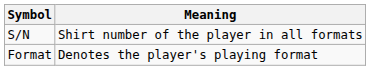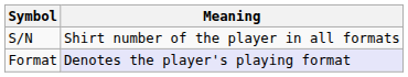 <table class="wikitable">
 <tr>
 <th>Symbol</th>
 <th>Meaning</th>
 </tr>
 <tr>
 <td>S/N</td>
 <td>Shirt number of the player in all formats</td>
 </tr>
 <tr>
 <td>Format</td>
-<td>Denotes the player's playing format</td>
+<td style="background: lavender;">Denotes the player's playing format</td>
 </tr>
 </table>
